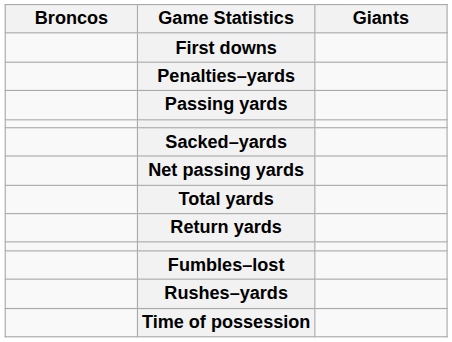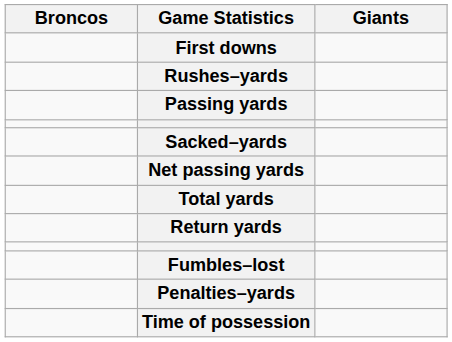 <table class="wikitable" style="margin: 1em auto 1em auto">
 <tr>
 <th style="width:30%;">Broncos</th>
 <th style="width:40%;">Game Statistics</th>
 <th style="width:30%;">Giants</th>
 </tr>
 <tr>
 <td style="text-align:right;"></td>
 <th>First downs</th>
 <td></td>
 </tr>
 <tr>
 <td style="text-align:right;"></td>
-<th>Penalties–yards</th>
+<th>Rushes–yards</th>
 <td></td>
 </tr>
 <tr>
 <td style="text-align:right;"></td>
 <th>Passing yards</th>
 <td></td>
 </tr>
 <tr>
 <td style="text-align:right;"></td>
 <th></th>
 <td></td>
 </tr>
 <tr>
 <td style="text-align:right;"></td>
 <th>Sacked–yards</th>
 <td></td>
 </tr>
 <tr>
 <td style="text-align:right;"></td>
 <th>Net passing yards</th>
 <td></td>
 </tr>
 <tr>
 <td style="text-align:right;"></td>
 <th>Total yards</th>
 <td></td>
 </tr>
 <tr>
 <td style="text-align:right;"></td>
 <th>Return yards</th>
 <td></td>
 </tr>
 <tr>
 <td style="text-align:right;"></td>
 <th></th>
 <td></td>
 </tr>
 <tr>
 <td style="text-align:right;"></td>
 <th>Fumbles–lost</th>
 <td></td>
 </tr>
 <tr>
 <td style="text-align:right;"></td>
-<th>Rushes–yards</th>
+<th>Penalties–yards</th>
 <td></td>
 </tr>
 <tr>
 <td style="text-align:right;"></td>
 <th>Time of possession</th>
 <td></td>
 </tr>
 </table>
